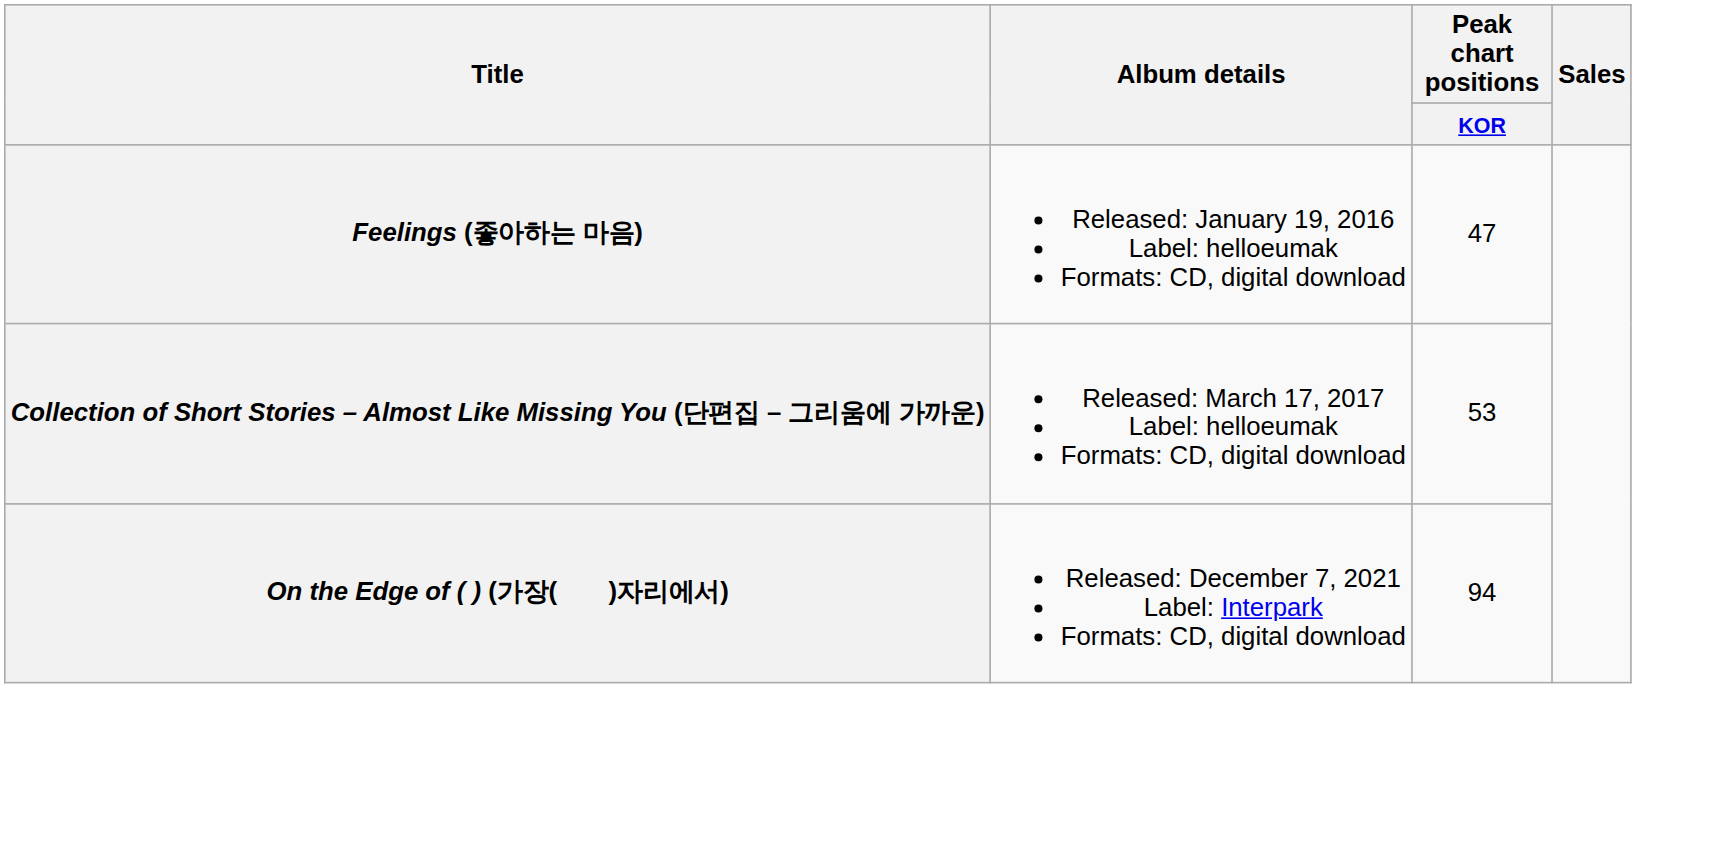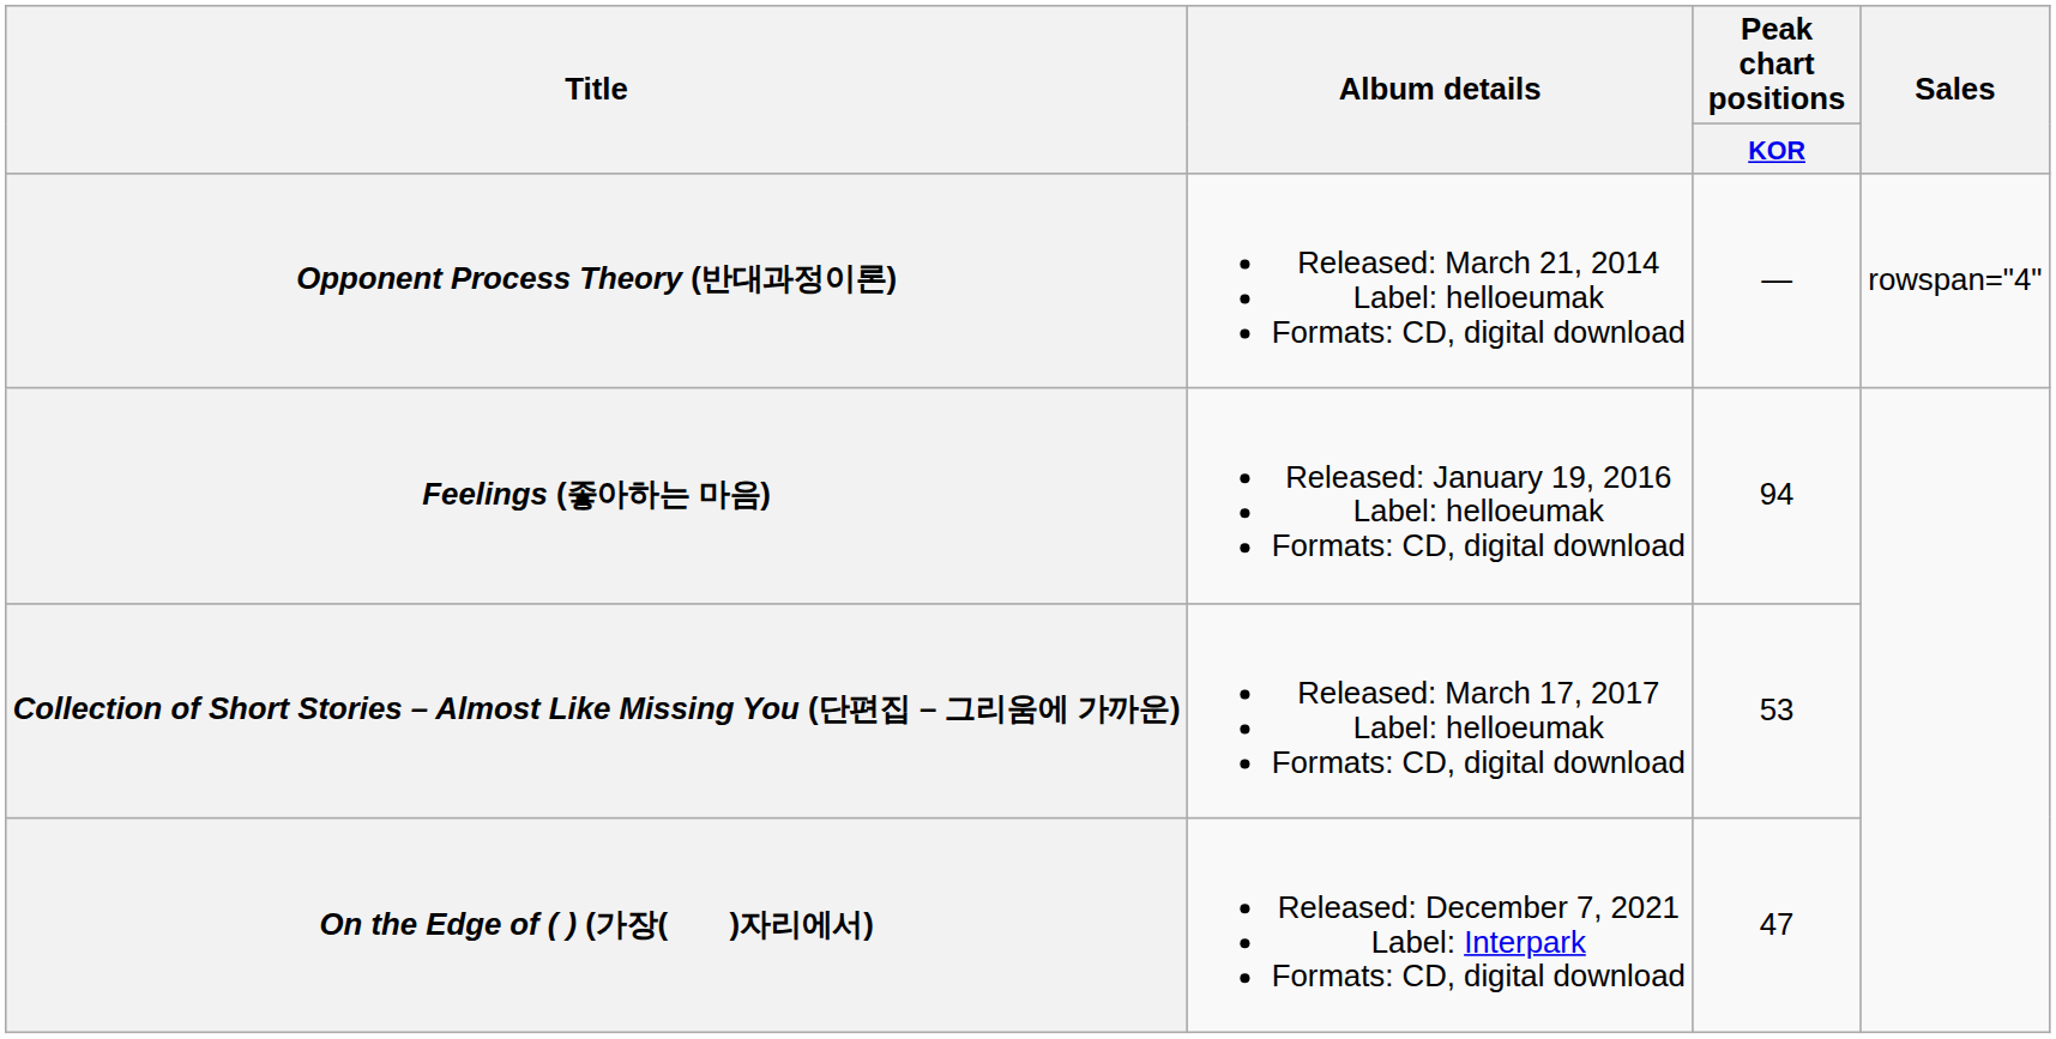 <table class="wikitable plainrowheaders" style="text-align:center;">
 <tr>
 <th scope="col" rowspan="2">Title</th>
 <th scope="col" rowspan="2">Album details</th>
 <th scope="col" colspan="1" style="width:5em;">Peak chart positions</th>
 <th scope="col" rowspan="2">Sales</th>
 </tr>
 <tr>
 <th><small><a href='#'>KOR</a></small><br></th>
 </tr>
 <tr>
+<th scope="row"><em>Opponent Process Theory</em> (반대과정이론)</th>
+<td><br><ul><li>Released: March 21, 2014</li><li>Label: helloeumak</li><li>Formats: CD, digital download</li></ul></td>
+<td>—</td>
+<td>rowspan="4" </td>
+</tr>
+<tr>
 <th scope="row"><em>Feelings</em> (좋아하는 마음)</th>
 <td><br><ul><li>Released: January 19, 2016</li><li>Label: helloeumak</li><li>Formats: CD, digital download</li></ul></td>
-<td>47</td>
+<td>94</td>
 </tr>
 <tr>
 <th scope="row"><em>Collection of Short Stories – Almost Like Missing You</em> (단편집 – 그리움에 가까운)</th>
 <td><br><ul><li>Released: March 17, 2017</li><li>Label: helloeumak</li><li>Formats: CD, digital download</li></ul></td>
 <td>53</td>
 </tr>
 <tr>
 <th scope="row"><em>On the Edge of (  )</em> (가장(　　)자리에서)</th>
 <td><br><ul><li>Released: December 7, 2021</li><li>Label: <a href='#'>Interpark</a></li><li>Formats: CD, digital download</li></ul></td>
-<td>94</td>
+<td>47</td>
 </tr>
 </table>
